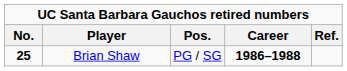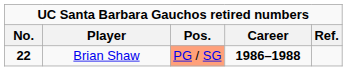 <table class="wikitable sortable" style="text-align:center">
 <tr>
 <td colspan=6><strong>UC Santa Barbara Gauchos retired numbers</strong></td>
 </tr>
 <tr>
 <th width=40px>No.</th>
 <th width=150px>Player</th>
 <th width=px>Pos.</th>
 <th width=100px>Career</th>
 <th width=px>Ref.</th>
 </tr>
 <tr>
-<td><strong>25</strong></td>
+<td><strong>22</strong></td>
 <td><a href='#'>Brian Shaw</a></td>
-<td><a href='#'>PG</a> / <a href='#'>SG</a></td>
+<td style="background: lightsalmon;"><a href='#'>PG</a> / <a href='#'>SG</a></td>
 <td><strong>1986–1988</strong></td>
 <td></td>
 </tr>
 </table>
